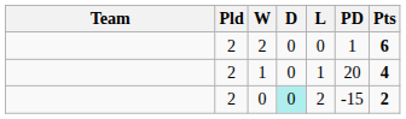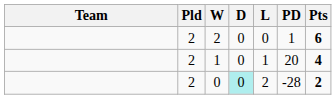 <table class="wikitable" style="text-align:center;">
 <tr>
 <th width="190">Team</th>
 <th width="20" abbr="Played">Pld</th>
 <th width="20" abbr="Won">W</th>
 <th width="20" abbr="Drawn">D</th>
 <th width="20" abbr="Lost">L</th>
 <th width="25" abbr="Points difference">PD</th>
 <th width="20" abbr="Points">Pts</th>
 </tr>
 <tr>
 <td align="left"></td>
 <td>2</td>
 <td>2</td>
 <td>0</td>
 <td>0</td>
 <td>1</td>
 <td><strong>6</strong></td>
 </tr>
 <tr>
 <td align="left"></td>
 <td>2</td>
 <td>1</td>
 <td>0</td>
 <td>1</td>
 <td>20</td>
 <td><strong>4</strong></td>
 </tr>
 <tr>
 <td align="left"></td>
 <td>2</td>
 <td>0</td>
 <td style="background: paleturquoise;">0</td>
 <td>2</td>
-<td>-15</td>
+<td>-28</td>
 <td><strong>2</strong></td>
 </tr>
 </table>
